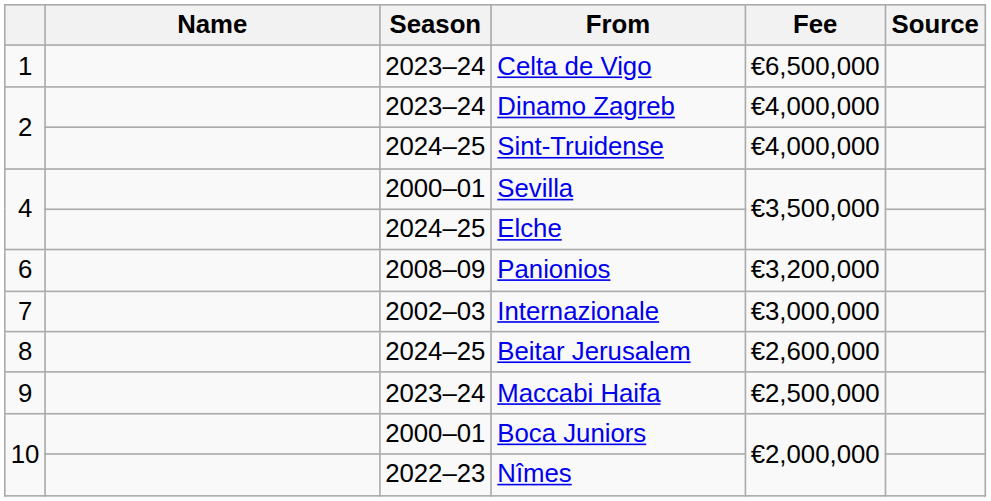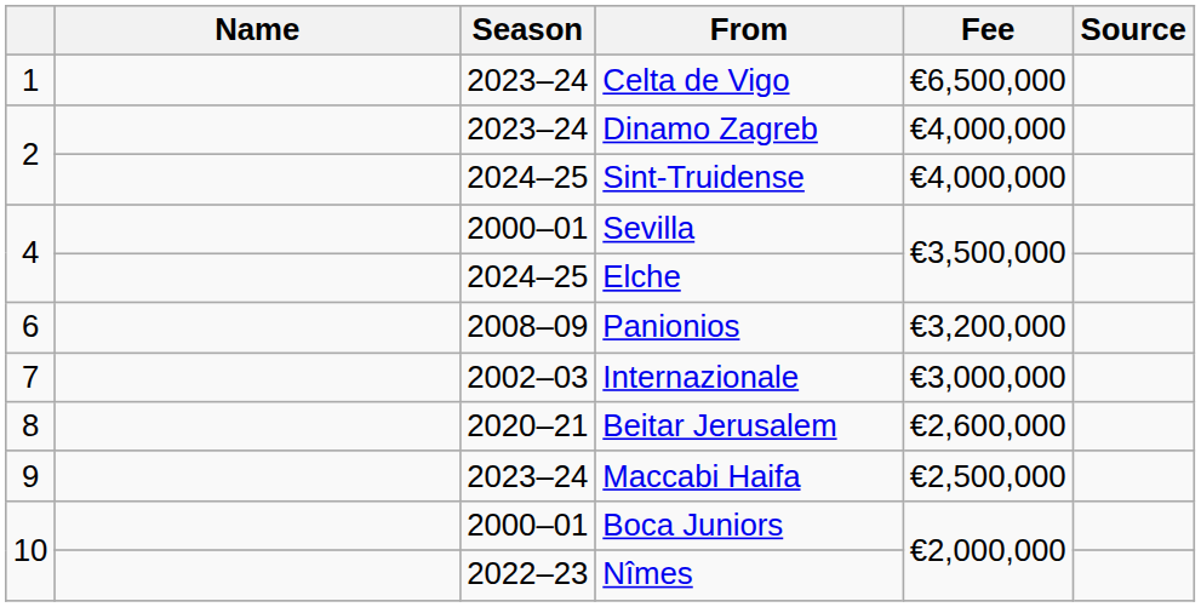 <table class="wikitable sortable" style="text-align: center;">
 <tr>
 <th></th>
 <th width=200>Name</th>
 <th>Season</th>
 <th width=150>From</th>
 <th>Fee</th>
 <th>Source</th>
 </tr>
 <tr>
 <td>1</td>
 <td align=left></td>
 <td>2023–24</td>
 <td align=left> <a href='#'>Celta de Vigo</a></td>
 <td align=left>€6,500,000</td>
 <td></td>
 </tr>
 <tr>
 <td rowspan=2>2</td>
 <td align=left></td>
 <td>2023–24</td>
 <td align=left> <a href='#'>Dinamo Zagreb</a></td>
 <td align=left>€4,000,000</td>
 <td></td>
 </tr>
 <tr>
 <td align=left></td>
 <td>2024–25</td>
 <td align=left> <a href='#'>Sint-Truidense</a></td>
 <td align=left>€4,000,000</td>
 <td></td>
 </tr>
 <tr>
 <td rowspan=2>4</td>
 <td align=left></td>
 <td>2000–01</td>
 <td align=left> <a href='#'>Sevilla</a></td>
 <td align=left rowspan=2>€3,500,000</td>
 <td></td>
 </tr>
 <tr>
 <td align=left></td>
 <td>2024–25</td>
 <td align=left> <a href='#'>Elche</a></td>
 <td></td>
 </tr>
 <tr>
 <td>6</td>
 <td align=left></td>
 <td>2008–09</td>
 <td align=left> <a href='#'>Panionios</a></td>
 <td align=left>€3,200,000</td>
 <td></td>
 </tr>
 <tr>
 <td>7</td>
 <td align=left></td>
 <td>2002–03</td>
 <td align=left> <a href='#'>Internazionale</a></td>
 <td align=left>€3,000,000</td>
 <td></td>
 </tr>
 <tr>
 <td>8</td>
 <td align=left></td>
-<td>2024–25</td>
+<td>2020–21</td>
 <td align=left> <a href='#'>Beitar Jerusalem</a></td>
 <td align=left>€2,600,000</td>
 <td></td>
 </tr>
 <tr>
 <td>9</td>
 <td align=left></td>
 <td>2023–24</td>
 <td align=left> <a href='#'>Maccabi Haifa</a></td>
 <td align=left>€2,500,000</td>
 <td></td>
 </tr>
 <tr>
 <td rowspan=2>10</td>
 <td align=left></td>
 <td>2000–01</td>
 <td align=left> <a href='#'>Boca Juniors</a></td>
 <td align=left rowspan=2>€2,000,000</td>
 <td></td>
 </tr>
 <tr>
 <td align=left></td>
 <td>2022–23</td>
 <td align=left> <a href='#'>Nîmes</a></td>
 <td></td>
 </tr>
 </table>
